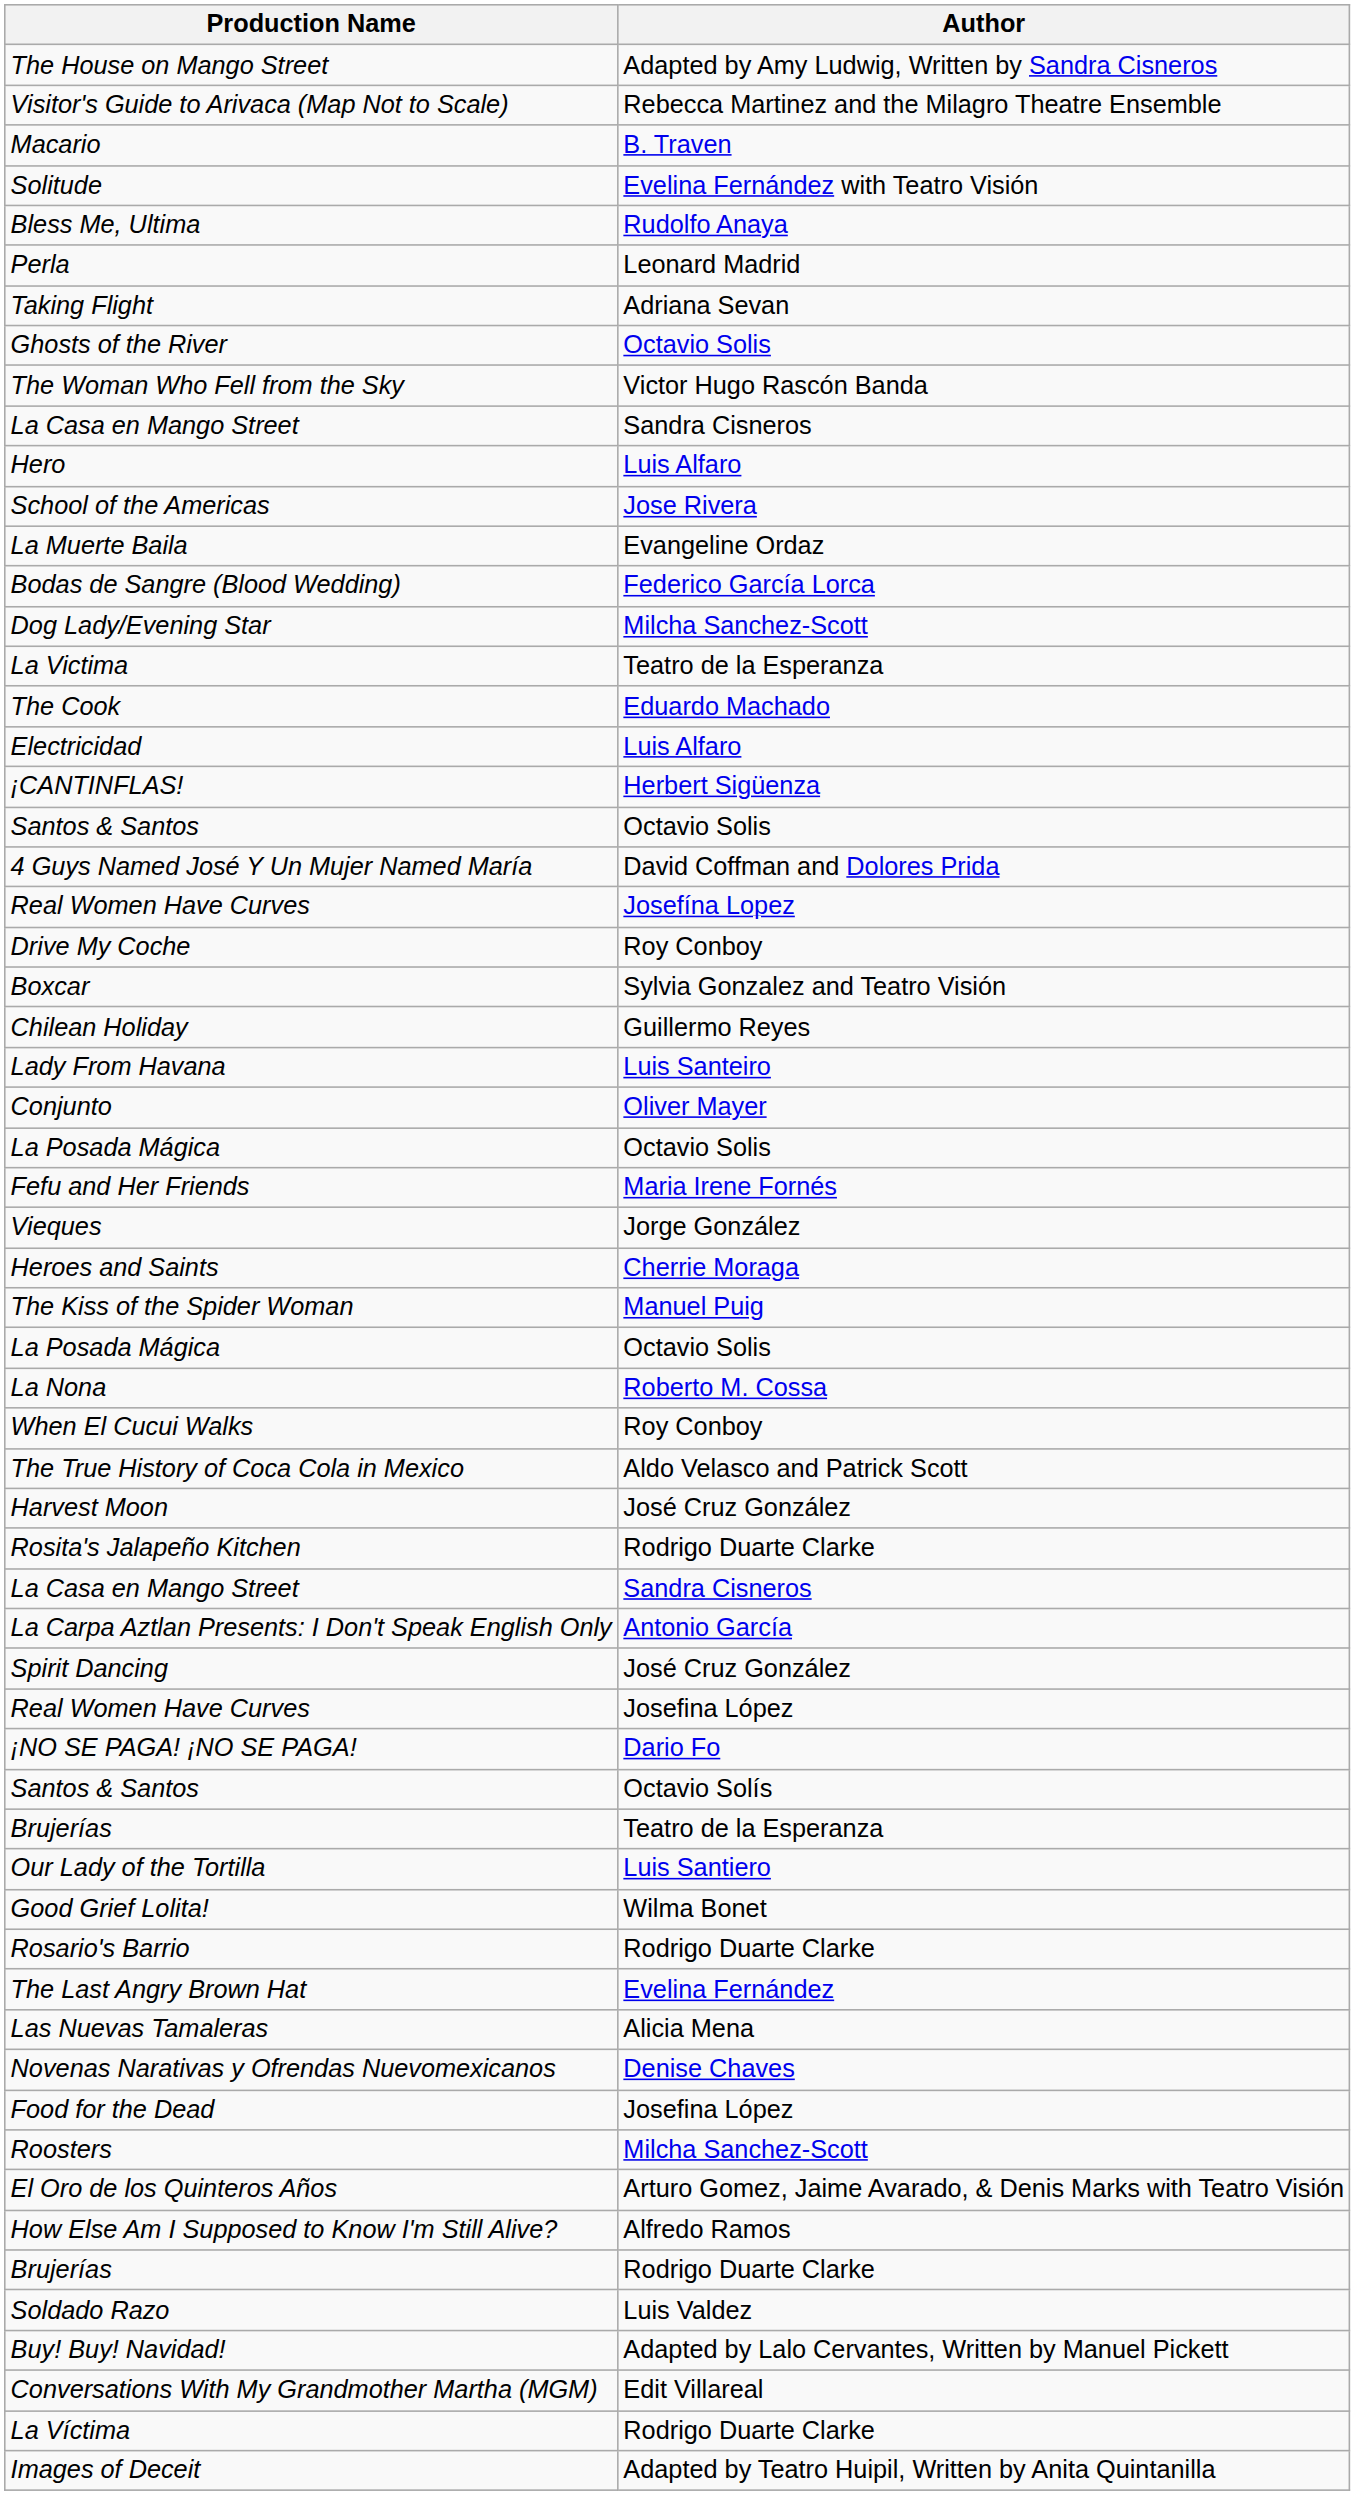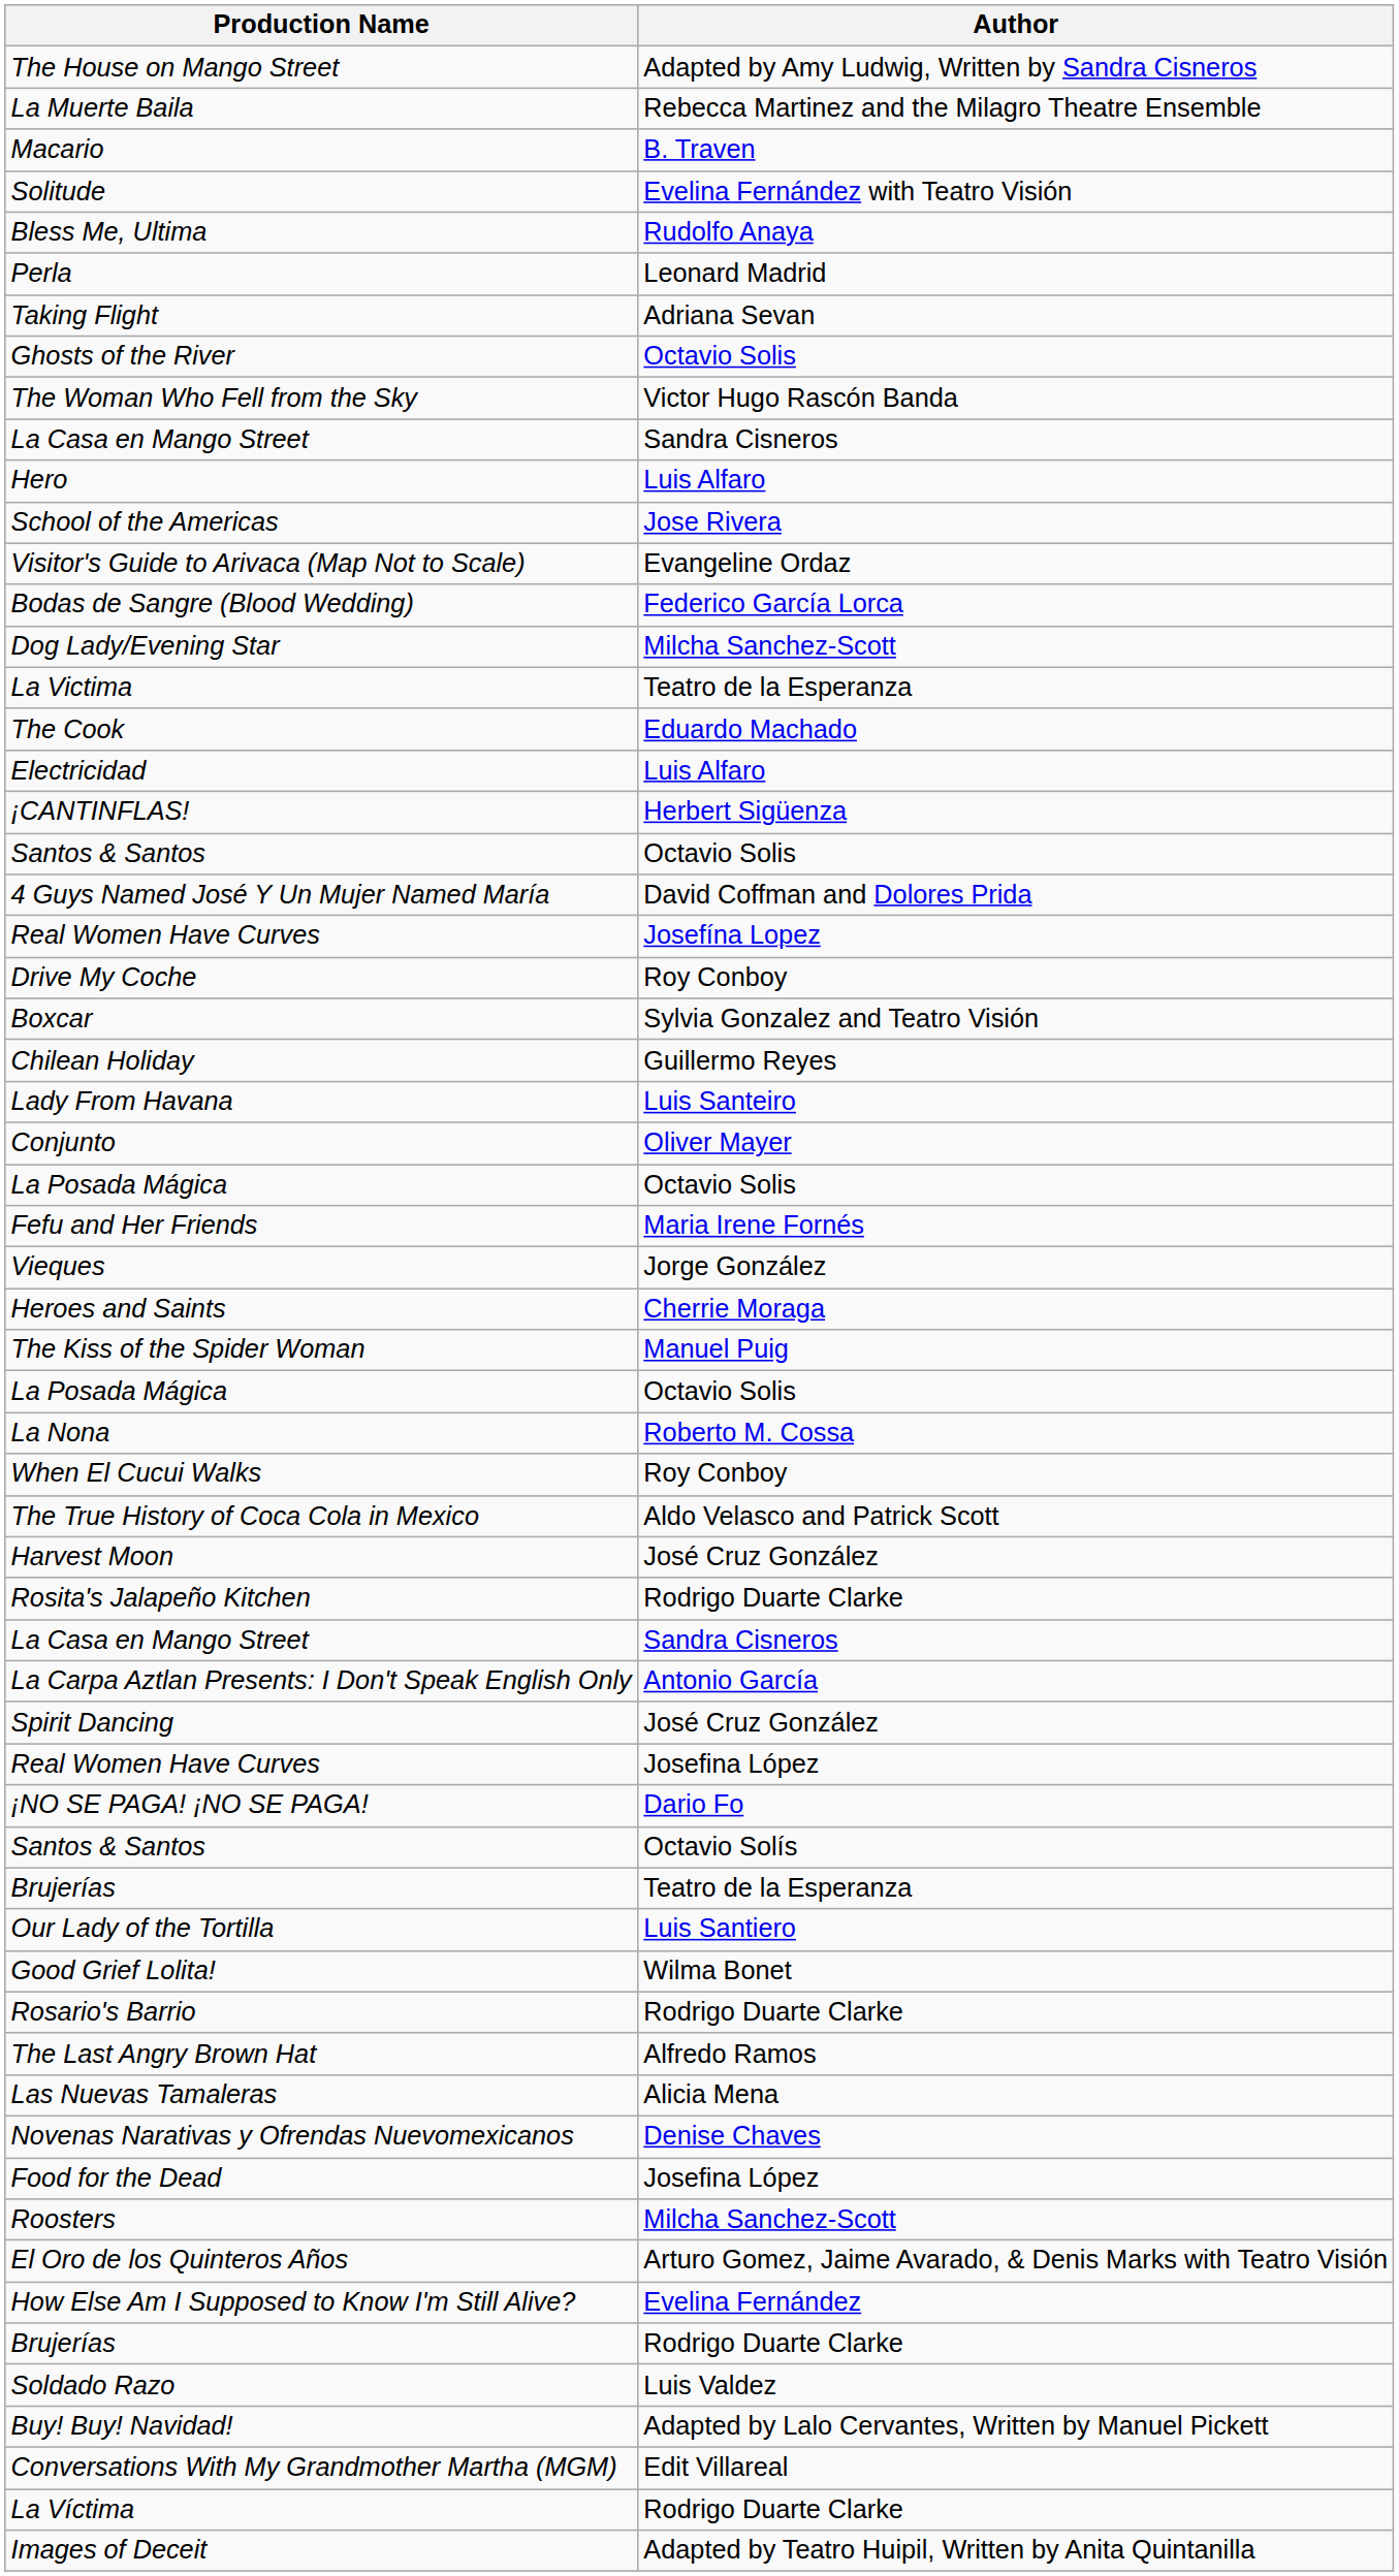 <table class="wikitable">
 <tr>
 <th>Production Name</th>
 <th>Author</th>
 </tr>
 <tr>
 <td><em>The House on Mango Street</em></td>
 <td>Adapted by Amy Ludwig, Written by <a href='#'>Sandra Cisneros</a></td>
 </tr>
 <tr>
-<td><em>Visitor's Guide to Arivaca (Map Not to Scale)</em></td>
+<td><em>La Muerte Baila</em></td>
 <td>Rebecca Martinez and the Milagro Theatre Ensemble</td>
 </tr>
 <tr>
 <td><em>Macario</em></td>
 <td><a href='#'>B. Traven</a></td>
 </tr>
 <tr>
 <td><em>Solitude</em></td>
 <td><a href='#'>Evelina Fernández</a> with Teatro Visión</td>
 </tr>
 <tr>
 <td><em>Bless Me, Ultima</em></td>
 <td><a href='#'>Rudolfo Anaya</a></td>
 </tr>
 <tr>
 <td><em>Perla</em></td>
 <td>Leonard Madrid</td>
 </tr>
 <tr>
 <td><em>Taking Flight</em></td>
 <td>Adriana Sevan</td>
 </tr>
 <tr>
 <td><em>Ghosts of the River</em></td>
 <td><a href='#'>Octavio Solis</a></td>
 </tr>
 <tr>
 <td><em>The Woman Who Fell from the Sky</em></td>
 <td>Victor Hugo Rascón Banda</td>
 </tr>
 <tr>
 <td><em>La Casa en Mango Street</em></td>
 <td>Sandra Cisneros</td>
 </tr>
 <tr>
 <td><em>Hero</em></td>
 <td><a href='#'>Luis Alfaro</a></td>
 </tr>
 <tr>
 <td><em>School of the Americas</em></td>
 <td><a href='#'>Jose Rivera</a></td>
 </tr>
 <tr>
-<td><em>La Muerte Baila</em></td>
+<td><em>Visitor's Guide to Arivaca (Map Not to Scale)</em></td>
 <td>Evangeline Ordaz</td>
 </tr>
 <tr>
 <td><em>Bodas de Sangre (Blood Wedding)</em></td>
 <td><a href='#'>Federico García Lorca</a></td>
 </tr>
 <tr>
 <td><em>Dog Lady/Evening Star</em></td>
 <td><a href='#'>Milcha Sanchez-Scott</a></td>
 </tr>
 <tr>
 <td><em>La Victima</em></td>
 <td>Teatro de la Esperanza</td>
 </tr>
 <tr>
 <td><em>The Cook</em></td>
 <td><a href='#'>Eduardo Machado</a></td>
 </tr>
 <tr>
 <td><em>Electricidad</em></td>
 <td><a href='#'>Luis Alfaro</a></td>
 </tr>
 <tr>
 <td><em>¡CANTINFLAS!</em></td>
 <td><a href='#'>Herbert Sigüenza</a></td>
 </tr>
 <tr>
 <td><em>Santos & Santos</em></td>
 <td>Octavio Solis</td>
 </tr>
 <tr>
 <td><em>4 Guys Named José Y Un Mujer Named María</em></td>
 <td>David Coffman and <a href='#'>Dolores Prida</a></td>
 </tr>
 <tr>
 <td><em>Real Women Have Curves</em></td>
 <td><a href='#'>Josefína Lopez</a></td>
 </tr>
 <tr>
 <td><em>Drive My Coche</em></td>
 <td>Roy Conboy</td>
 </tr>
 <tr>
 <td><em>Boxcar</em></td>
 <td>Sylvia Gonzalez and Teatro Visión</td>
 </tr>
 <tr>
 <td><em>Chilean Holiday</em></td>
 <td>Guillermo Reyes</td>
 </tr>
 <tr>
 <td><em>Lady From Havana</em></td>
 <td><a href='#'>Luis Santeiro</a></td>
 </tr>
 <tr>
 <td><em>Conjunto</em></td>
 <td><a href='#'>Oliver Mayer</a></td>
 </tr>
 <tr>
 <td><em>La Posada Mágica</em></td>
 <td>Octavio Solis</td>
 </tr>
 <tr>
 <td><em>Fefu and Her Friends</em></td>
 <td><a href='#'>Maria Irene Fornés</a></td>
 </tr>
 <tr>
 <td><em>Vieques</em></td>
 <td>Jorge González</td>
 </tr>
 <tr>
 <td><em>Heroes and Saints</em></td>
 <td><a href='#'>Cherrie Moraga</a></td>
 </tr>
 <tr>
 <td><em>The Kiss of the Spider Woman</em></td>
 <td><a href='#'>Manuel Puig</a></td>
 </tr>
 <tr>
 <td><em>La Posada Mágica</em></td>
 <td>Octavio Solis</td>
 </tr>
 <tr>
 <td><em>La Nona</em></td>
 <td><a href='#'>Roberto M. Cossa</a></td>
 </tr>
 <tr>
 <td><em>When El Cucui Walks</em></td>
 <td>Roy Conboy</td>
 </tr>
 <tr>
 <td><em>The True History of Coca Cola in Mexico</em></td>
 <td>Aldo Velasco and Patrick Scott</td>
 </tr>
 <tr>
 <td><em>Harvest Moon</em></td>
 <td>José Cruz González</td>
 </tr>
 <tr>
 <td><em>Rosita's Jalapeño Kitchen</em></td>
 <td>Rodrigo Duarte Clarke</td>
 </tr>
 <tr>
 <td><em>La Casa en Mango Street</em></td>
 <td><a href='#'>Sandra Cisneros</a></td>
 </tr>
 <tr>
 <td><em>La Carpa Aztlan Presents: I Don't Speak English Only</em></td>
 <td><a href='#'>Antonio García</a></td>
 </tr>
 <tr>
 <td><em>Spirit Dancing</em></td>
 <td>José Cruz González</td>
 </tr>
 <tr>
 <td><em>Real Women Have Curves</em></td>
 <td>Josefina López</td>
 </tr>
 <tr>
 <td><em>¡NO SE PAGA! ¡NO SE PAGA!</em></td>
 <td><a href='#'>Dario Fo</a></td>
 </tr>
 <tr>
 <td><em>Santos & Santos</em></td>
 <td>Octavio Solís</td>
 </tr>
 <tr>
 <td><em>Brujerías</em></td>
 <td>Teatro de la Esperanza</td>
 </tr>
 <tr>
 <td><em>Our Lady of the Tortilla</em></td>
 <td><a href='#'>Luis Santiero</a></td>
 </tr>
 <tr>
 <td><em>Good Grief Lolita!</em></td>
 <td>Wilma Bonet</td>
 </tr>
 <tr>
 <td><em>Rosario's Barrio</em></td>
 <td>Rodrigo Duarte Clarke</td>
 </tr>
 <tr>
 <td><em>The Last Angry Brown Hat</em></td>
-<td><a href='#'>Evelina Fernández</a></td>
+<td>Alfredo Ramos</td>
 </tr>
 <tr>
 <td><em>Las Nuevas Tamaleras</em></td>
 <td>Alicia Mena</td>
 </tr>
 <tr>
 <td><em>Novenas Narativas y Ofrendas Nuevomexicanos</em></td>
 <td><a href='#'>Denise Chaves</a></td>
 </tr>
 <tr>
 <td><em>Food for the Dead</em></td>
 <td>Josefina López</td>
 </tr>
 <tr>
 <td><em>Roosters</em></td>
 <td><a href='#'>Milcha Sanchez-Scott</a></td>
 </tr>
 <tr>
 <td><em>El Oro de los Quinteros Años</em></td>
 <td>Arturo Gomez, Jaime Avarado, & Denis Marks with Teatro Visión</td>
 </tr>
 <tr>
 <td><em>How Else Am I Supposed to Know I'm Still Alive?</em></td>
-<td>Alfredo Ramos</td>
+<td><a href='#'>Evelina Fernández</a></td>
 </tr>
 <tr>
 <td><em>Brujerías</em></td>
 <td>Rodrigo Duarte Clarke</td>
 </tr>
 <tr>
 <td><em>Soldado Razo</em></td>
 <td>Luis Valdez</td>
 </tr>
 <tr>
 <td><em>Buy! Buy! Navidad!</em></td>
 <td>Adapted by Lalo Cervantes, Written by Manuel Pickett</td>
 </tr>
 <tr>
 <td><em>Conversations With My Grandmother Martha (MGM)</em></td>
 <td>Edit Villareal</td>
 </tr>
 <tr>
 <td><em>La Víctima</em></td>
 <td>Rodrigo Duarte Clarke</td>
 </tr>
 <tr>
 <td><em>Images of Deceit</em></td>
 <td>Adapted by Teatro Huipil, Written by Anita Quintanilla</td>
 </tr>
 </table>
